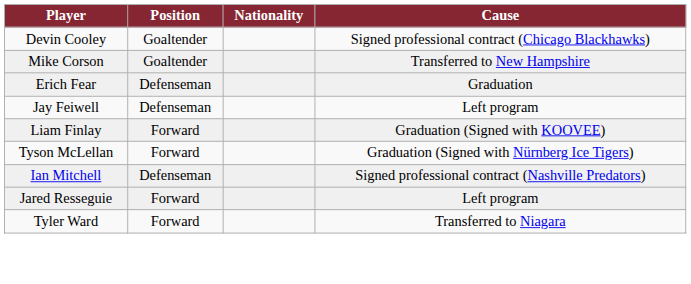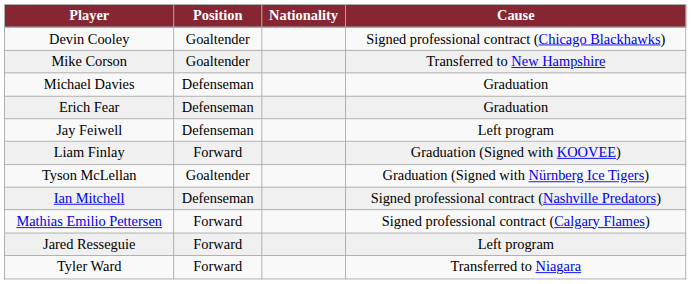 <table class="wikitable" width="60%">
 <tr>
 <th style="color:white; background:#862633; ">Player</th>
 <th style="color:white; background:#862633; ">Position</th>
 <th style="color:white; background:#862633; ">Nationality</th>
 <th style="color:white; background:#862633; ">Cause</th>
 </tr>
 <tr align="center" bgcolor="">
 <td>Devin Cooley</td>
 <td>Goaltender</td>
 <td></td>
 <td>Signed professional contract (<a href='#'>Chicago Blackhawks</a>)</td>
 </tr>
 <tr align="center" bgcolor="f0f0f0">
 <td>Mike Corson</td>
 <td>Goaltender</td>
 <td></td>
 <td>Transferred to <a href='#'>New Hampshire</a></td>
+</tr>
+<tr align="center" bgcolor="">
+<td>Michael Davies</td>
+<td>Defenseman</td>
+<td></td>
+<td>Graduation</td>
 </tr>
 <tr align="center" bgcolor="f0f0f0">
 <td>Erich Fear</td>
 <td>Defenseman</td>
 <td></td>
 <td>Graduation</td>
 </tr>
 <tr align="center" bgcolor="">
 <td>Jay Feiwell</td>
 <td>Defenseman</td>
 <td></td>
 <td>Left program</td>
 </tr>
 <tr align="center" bgcolor="f0f0f0">
 <td>Liam Finlay</td>
 <td>Forward</td>
 <td></td>
 <td>Graduation (Signed with <a href='#'>KOOVEE</a>)</td>
 </tr>
 <tr align="center" bgcolor="">
 <td>Tyson McLellan</td>
-<td>Forward</td>
+<td>Goaltender</td>
 <td></td>
 <td>Graduation (Signed with <a href='#'>Nürnberg Ice Tigers</a>)</td>
 </tr>
 <tr align="center" bgcolor="f0f0f0">
 <td><a href='#'>Ian Mitchell</a></td>
 <td>Defenseman</td>
 <td></td>
 <td>Signed professional contract (<a href='#'>Nashville Predators</a>)</td>
+</tr>
+<tr align="center" bgcolor="">
+<td><a href='#'>Mathias Emilio Pettersen</a></td>
+<td>Forward</td>
+<td></td>
+<td>Signed professional contract (<a href='#'>Calgary Flames</a>)</td>
 </tr>
 <tr align="center" bgcolor="f0f0f0">
 <td>Jared Resseguie</td>
 <td>Forward</td>
 <td></td>
 <td>Left program</td>
 </tr>
 <tr align="center" bgcolor="">
 <td>Tyler Ward</td>
 <td>Forward</td>
 <td></td>
 <td>Transferred to <a href='#'>Niagara</a></td>
 </tr>
 </table>
